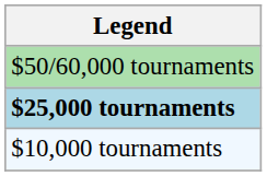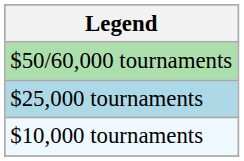 <table class=wikitable style="font-size:85%">
 <tr>
 <th>Legend</th>
 </tr>
 <tr style="background:#addfad;">
 <td>$50/60,000 tournaments</td>
 </tr>
 <tr style="background:lightblue;">
-<td><strong>$25,000 tournaments</strong></td>
+<td>$25,000 tournaments</td>
 </tr>
 <tr style="background:#f0f8ff;">
 <td>$10,000 tournaments</td>
 </tr>
 </table>
